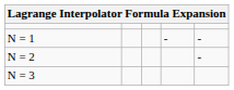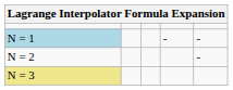 <table class="wikitable">
 <tr>
 <th colspan="5">Lagrange Interpolator Formula Expansion</th>
 </tr>
 <tr>
 <td></td>
 <td></td>
 <td></td>
 <td></td>
 <td></td>
 </tr>
 <tr>
-<td>N = 1</td>
+<td style="background: lightblue;">N = 1</td>
 <td></td>
 <td></td>
 <td>-</td>
 <td>-</td>
 </tr>
 <tr>
 <td>N = 2</td>
 <td></td>
 <td></td>
 <td></td>
 <td>-</td>
 </tr>
 <tr>
-<td>N = 3</td>
+<td style="background: khaki;">N = 3</td>
 <td></td>
 <td></td>
 <td></td>
 <td></td>
 </tr>
 </table>
